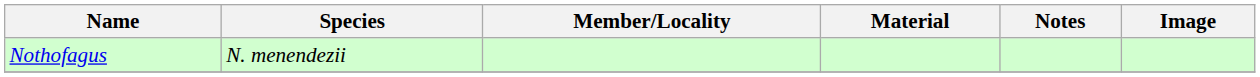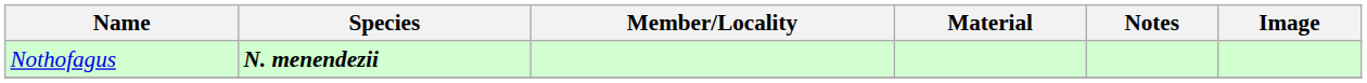 <table class="wikitable" align="center" width="75%">
 <tr>
 <th>Name</th>
 <th>Species</th>
 <th>Member/Locality</th>
 <th>Material</th>
 <th>Notes</th>
 <th>Image</th>
 </tr>
 <tr>
 <td style="background:#D1FFCF;"><em><a href='#'>Nothofagus</a></em></td>
-<td style="background:#D1FFCF;"><em>N. menendezii</em></td>
+<td style="background:#D1FFCF;"><strong><em>N. menendezii</em></strong></td>
 <td style="background:#D1FFCF;"></td>
 <td style="background:#D1FFCF;"></td>
 <td style="background:#D1FFCF;"></td>
 <td style="background:#D1FFCF;"></td>
 </tr>
 <tr>
 </tr>
 </table>
